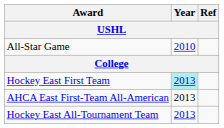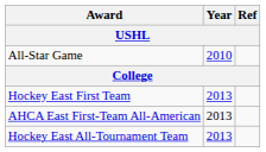 <table class="wikitable">
 <tr>
 <th>Award</th>
 <th>Year</th>
 <th>Ref</th>
 </tr>
 <tr>
 <th colspan="3"><a href='#'>USHL</a></th>
 </tr>
 <tr>
 <td>All-Star Game</td>
 <td><a href='#'>2010</a></td>
 <td></td>
 </tr>
 <tr>
 <th colspan="3"><a href='#'>College</a></th>
 </tr>
 <tr>
 <td><a href='#'>Hockey East First Team</a></td>
-<td style="background: paleturquoise;"><a href='#'>2013</a></td>
+<td><a href='#'>2013</a></td>
 <td></td>
 </tr>
 <tr>
 <td><a href='#'>AHCA East First-Team All-American</a></td>
 <td>2013</td>
 <td></td>
 </tr>
 <tr>
 <td><a href='#'>Hockey East All-Tournament Team</a></td>
 <td><a href='#'>2013</a></td>
 <td></td>
 </tr>
 </table>
